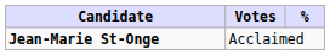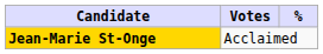 <table class="wikitable">
 <tr>
 <th style="background:#ddf; width:200px;">Candidate</th>
 <th style="background:#ddf; width:50px;">Votes</th>
 <th style="background:#ddf; width:30px;">%</th>
 </tr>
 <tr>
-<td><strong>Jean-Marie St-Onge</strong></td>
+<td style="background: gold;"><strong>Jean-Marie St-Onge</strong></td>
 <td colspan="2">Acclaimed</td>
 </tr>
 </table>
